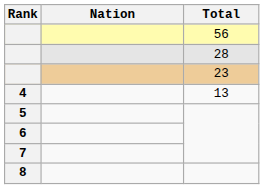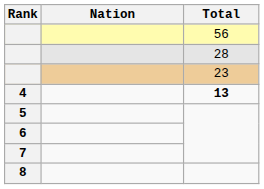 <table class="wikitable sortable" style="text-align:center; font-size:85%">
 <tr>
 <th scope="col" style="width:25px;">Rank</th>
 <th ! scope="col" style="width:120px;">Nation</th>
 <th ! scope="col" style="width:60px;">Total</th>
 </tr>
 <tr bgcolor=fffcaf>
 <th scope=row></th>
 <td align=left></td>
 <td>56</td>
 </tr>
 <tr bgcolor=e5e5e5>
 <th scope=row></th>
 <td align=left></td>
 <td>28</td>
 </tr>
 <tr bgcolor=eecc99>
 <th scope=row></th>
 <td align=left></td>
 <td>23</td>
 </tr>
 <tr>
 <th scope=row>4</th>
 <td align=left></td>
-<td>13</td>
+<td><strong>13</strong></td>
 </tr>
 <tr>
 <th scope=row>5</th>
 <td align=left></td>
 <td rowspan=3></td>
 </tr>
 <tr>
 <th scope=row>6</th>
 <td align=left></td>
 </tr>
 <tr>
 <th scope=row>7</th>
 <td align=left></td>
 </tr>
 <tr>
 <th scope=row>8</th>
 <td align=left></td>
 <td></td>
 </tr>
 </table>
